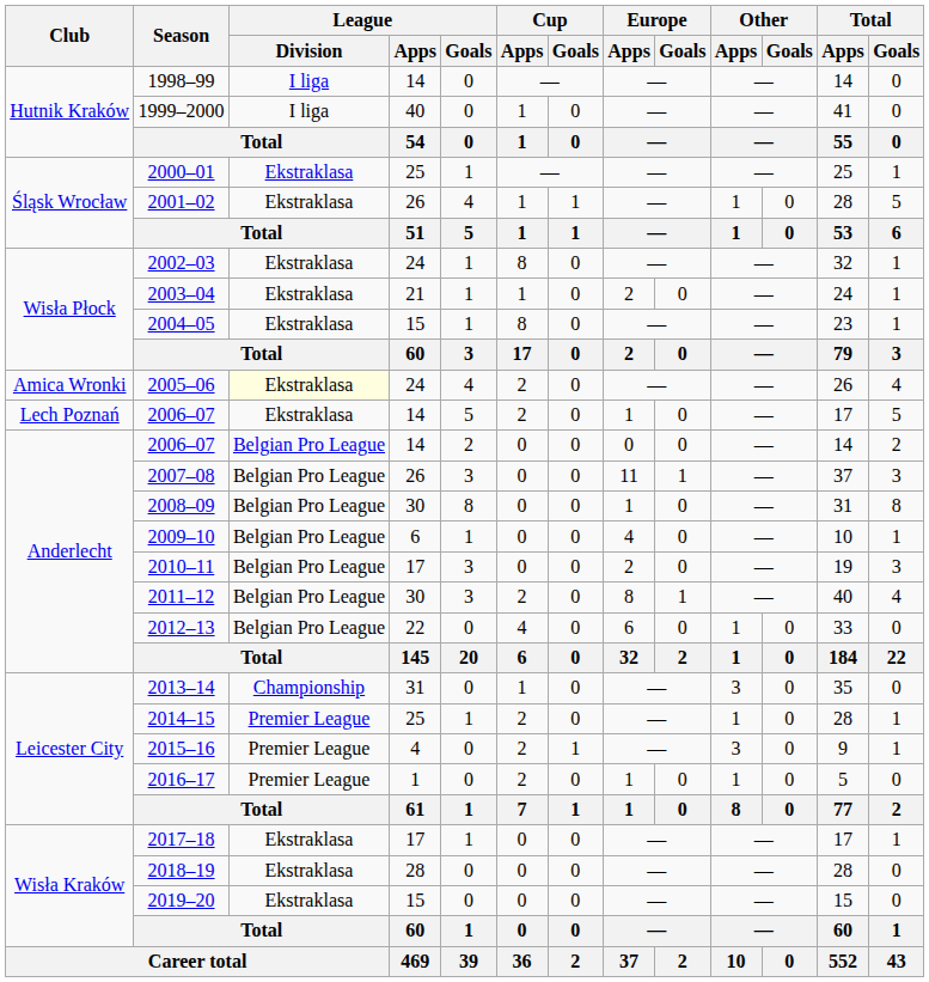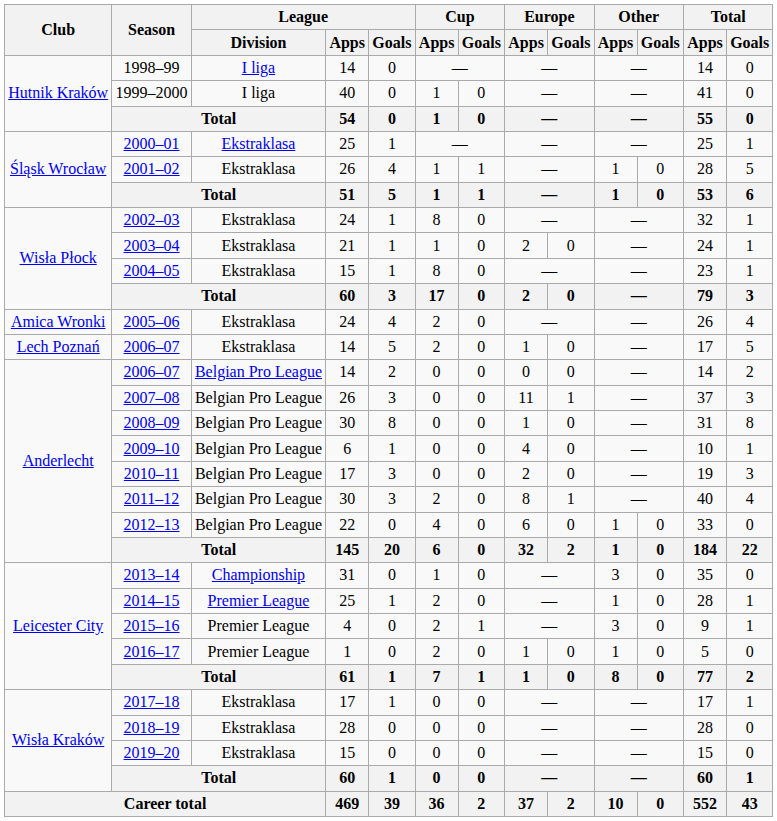 <table class="wikitable" style="text-align: center;">
 <tr>
 <th rowspan="2">Club</th>
 <th rowspan="2">Season</th>
 <th colspan="3">League</th>
 <th colspan="2">Cup</th>
 <th colspan="2">Europe</th>
 <th colspan="2">Other</th>
 <th colspan="2">Total</th>
 </tr>
 <tr>
 <th>Division</th>
 <th>Apps</th>
 <th>Goals</th>
 <th>Apps</th>
 <th>Goals</th>
 <th>Apps</th>
 <th>Goals</th>
 <th>Apps</th>
 <th>Goals</th>
 <th>Apps</th>
 <th>Goals</th>
 </tr>
 <tr>
 <td rowspan=3><a href='#'>Hutnik Kraków</a></td>
 <td>1998–99</td>
 <td><a href='#'>I liga</a></td>
 <td>14</td>
 <td>0</td>
 <td colspan="2">—</td>
 <td colspan="2">—</td>
 <td colspan="2">—</td>
 <td>14</td>
 <td>0</td>
 </tr>
 <tr>
 <td>1999–2000</td>
 <td>I liga</td>
 <td>40</td>
 <td>0</td>
 <td>1</td>
 <td>0</td>
 <td colspan="2">—</td>
 <td colspan="2">—</td>
 <td>41</td>
 <td>0</td>
 </tr>
 <tr>
 <th colspan=2>Total</th>
 <th>54</th>
 <th>0</th>
 <th>1</th>
 <th>0</th>
 <th colspan="2">—</th>
 <th colspan="2">—</th>
 <th>55</th>
 <th>0</th>
 </tr>
 <tr>
 <td rowspan=3><a href='#'>Śląsk Wrocław</a></td>
 <td><a href='#'>2000–01</a></td>
 <td><a href='#'>Ekstraklasa</a></td>
 <td>25</td>
 <td>1</td>
 <td colspan="2">—</td>
 <td colspan="2">—</td>
 <td colspan="2">—</td>
 <td>25</td>
 <td>1</td>
 </tr>
 <tr>
 <td><a href='#'>2001–02</a></td>
 <td>Ekstraklasa</td>
 <td>26</td>
 <td>4</td>
 <td>1</td>
 <td>1</td>
 <td colspan="2">—</td>
 <td>1</td>
 <td>0</td>
 <td>28</td>
 <td>5</td>
 </tr>
 <tr>
 <th colspan=2>Total</th>
 <th>51</th>
 <th>5</th>
 <th>1</th>
 <th>1</th>
 <th colspan="2">—</th>
 <th>1</th>
 <th>0</th>
 <th>53</th>
 <th>6</th>
 </tr>
 <tr>
 <td rowspan=4><a href='#'>Wisła Płock</a></td>
 <td><a href='#'>2002–03</a></td>
 <td>Ekstraklasa</td>
 <td>24</td>
 <td>1</td>
 <td>8</td>
 <td>0</td>
 <td colspan="2">—</td>
 <td colspan="2">—</td>
 <td>32</td>
 <td>1</td>
 </tr>
 <tr>
 <td><a href='#'>2003–04</a></td>
 <td>Ekstraklasa</td>
 <td>21</td>
 <td>1</td>
 <td>1</td>
 <td>0</td>
 <td>2</td>
 <td>0</td>
 <td colspan="2">—</td>
 <td>24</td>
 <td>1</td>
 </tr>
 <tr>
 <td><a href='#'>2004–05</a></td>
 <td>Ekstraklasa</td>
 <td>15</td>
 <td>1</td>
 <td>8</td>
 <td>0</td>
 <td colspan="2">—</td>
 <td colspan="2">—</td>
 <td>23</td>
 <td>1</td>
 </tr>
 <tr>
 <th colspan=2>Total</th>
 <th>60</th>
 <th>3</th>
 <th>17</th>
 <th>0</th>
 <th>2</th>
 <th>0</th>
 <th colspan="2">—</th>
 <th>79</th>
 <th>3</th>
 </tr>
 <tr>
 <td><a href='#'>Amica Wronki</a></td>
 <td><a href='#'>2005–06</a></td>
-<td style="background: lightyellow;">Ekstraklasa</td>
+<td>Ekstraklasa</td>
 <td>24</td>
 <td>4</td>
 <td>2</td>
 <td>0</td>
 <td colspan="2">—</td>
 <td colspan="2">—</td>
 <td>26</td>
 <td>4</td>
 </tr>
 <tr>
 <td><a href='#'>Lech Poznań</a></td>
 <td><a href='#'>2006–07</a></td>
 <td>Ekstraklasa</td>
 <td>14</td>
 <td>5</td>
 <td>2</td>
 <td>0</td>
 <td>1</td>
 <td>0</td>
 <td colspan="2">—</td>
 <td>17</td>
 <td>5</td>
 </tr>
 <tr>
 <td rowspan=8><a href='#'>Anderlecht</a></td>
 <td><a href='#'>2006–07</a></td>
 <td><a href='#'>Belgian Pro League</a></td>
 <td>14</td>
 <td>2</td>
 <td>0</td>
 <td>0</td>
 <td>0</td>
 <td>0</td>
 <td colspan="2">—</td>
 <td>14</td>
 <td>2</td>
 </tr>
 <tr>
 <td><a href='#'>2007–08</a></td>
 <td>Belgian Pro League</td>
 <td>26</td>
 <td>3</td>
 <td>0</td>
 <td>0</td>
 <td>11</td>
 <td>1</td>
 <td colspan="2">—</td>
 <td>37</td>
 <td>3</td>
 </tr>
 <tr>
 <td><a href='#'>2008–09</a></td>
 <td>Belgian Pro League</td>
 <td>30</td>
 <td>8</td>
 <td>0</td>
 <td>0</td>
 <td>1</td>
 <td>0</td>
 <td colspan="2">—</td>
 <td>31</td>
 <td>8</td>
 </tr>
 <tr>
 <td><a href='#'>2009–10</a></td>
 <td>Belgian Pro League</td>
 <td>6</td>
 <td>1</td>
 <td>0</td>
 <td>0</td>
 <td>4</td>
 <td>0</td>
 <td colspan="2">—</td>
 <td>10</td>
 <td>1</td>
 </tr>
 <tr>
 <td><a href='#'>2010–11</a></td>
 <td>Belgian Pro League</td>
 <td>17</td>
 <td>3</td>
 <td>0</td>
 <td>0</td>
 <td>2</td>
 <td>0</td>
 <td colspan="2">—</td>
 <td>19</td>
 <td>3</td>
 </tr>
 <tr>
 <td><a href='#'>2011–12</a></td>
 <td>Belgian Pro League</td>
 <td>30</td>
 <td>3</td>
 <td>2</td>
 <td>0</td>
 <td>8</td>
 <td>1</td>
 <td colspan="2">—</td>
 <td>40</td>
 <td>4</td>
 </tr>
 <tr>
 <td><a href='#'>2012–13</a></td>
 <td>Belgian Pro League</td>
 <td>22</td>
 <td>0</td>
 <td>4</td>
 <td>0</td>
 <td>6</td>
 <td>0</td>
 <td>1</td>
 <td>0</td>
 <td>33</td>
 <td>0</td>
 </tr>
 <tr>
 <th colspan=2>Total</th>
 <th>145</th>
 <th>20</th>
 <th>6</th>
 <th>0</th>
 <th>32</th>
 <th>2</th>
 <th>1</th>
 <th>0</th>
 <th>184</th>
 <th>22</th>
 </tr>
 <tr>
 <td rowspan=5><a href='#'>Leicester City</a></td>
 <td><a href='#'>2013–14</a></td>
 <td><a href='#'>Championship</a></td>
 <td>31</td>
 <td>0</td>
 <td>1</td>
 <td>0</td>
 <td colspan="2">—</td>
 <td>3</td>
 <td>0</td>
 <td>35</td>
 <td>0</td>
 </tr>
 <tr>
 <td><a href='#'>2014–15</a></td>
 <td><a href='#'>Premier League</a></td>
 <td>25</td>
 <td>1</td>
 <td>2</td>
 <td>0</td>
 <td colspan="2">—</td>
 <td>1</td>
 <td>0</td>
 <td>28</td>
 <td>1</td>
 </tr>
 <tr>
 <td><a href='#'>2015–16</a></td>
 <td>Premier League</td>
 <td>4</td>
 <td>0</td>
 <td>2</td>
 <td>1</td>
 <td colspan="2">—</td>
 <td>3</td>
 <td>0</td>
 <td>9</td>
 <td>1</td>
 </tr>
 <tr>
 <td><a href='#'>2016–17</a></td>
 <td>Premier League</td>
 <td>1</td>
 <td>0</td>
 <td>2</td>
 <td>0</td>
 <td>1</td>
 <td>0</td>
 <td>1</td>
 <td>0</td>
 <td>5</td>
 <td>0</td>
 </tr>
 <tr>
 <th colspan=2>Total</th>
 <th>61</th>
 <th>1</th>
 <th>7</th>
 <th>1</th>
 <th>1</th>
 <th>0</th>
 <th>8</th>
 <th>0</th>
 <th>77</th>
 <th>2</th>
 </tr>
 <tr>
 <td rowspan=4><a href='#'>Wisła Kraków</a></td>
 <td><a href='#'>2017–18</a></td>
 <td>Ekstraklasa</td>
 <td>17</td>
 <td>1</td>
 <td>0</td>
 <td>0</td>
 <td colspan="2">—</td>
 <td colspan="2">—</td>
 <td>17</td>
 <td>1</td>
 </tr>
 <tr>
 <td><a href='#'>2018–19</a></td>
 <td>Ekstraklasa</td>
 <td>28</td>
 <td>0</td>
 <td>0</td>
 <td>0</td>
 <td colspan="2">—</td>
 <td colspan="2">—</td>
 <td>28</td>
 <td>0</td>
 </tr>
 <tr>
 <td><a href='#'>2019–20</a></td>
 <td>Ekstraklasa</td>
 <td>15</td>
 <td>0</td>
 <td>0</td>
 <td>0</td>
 <td colspan="2">—</td>
 <td colspan="2">—</td>
 <td>15</td>
 <td>0</td>
 </tr>
 <tr>
 <th colspan=2>Total</th>
 <th>60</th>
 <th>1</th>
 <th>0</th>
 <th>0</th>
 <th colspan="2">—</th>
 <th colspan="2">—</th>
 <th>60</th>
 <th>1</th>
 </tr>
 <tr>
 <th colspan="3">Career total</th>
 <th>469</th>
 <th>39</th>
 <th>36</th>
 <th>2</th>
 <th>37</th>
 <th>2</th>
 <th>10</th>
 <th>0</th>
 <th>552</th>
 <th>43</th>
 </tr>
 </table>
